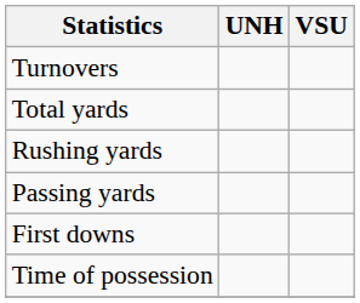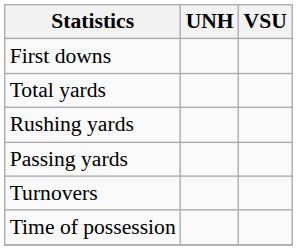 <table class="wikitable">
 <tr>
 <th>Statistics</th>
 <th>UNH</th>
 <th>VSU</th>
 </tr>
 <tr>
-<td>Turnovers</td>
+<td>First downs</td>
 <td></td>
 <td></td>
 </tr>
 <tr>
 <td>Total yards</td>
 <td></td>
 <td></td>
 </tr>
 <tr>
 <td>Rushing yards</td>
 <td></td>
 <td></td>
 </tr>
 <tr>
 <td>Passing yards</td>
 <td></td>
 <td></td>
 </tr>
 <tr>
-<td>First downs</td>
+<td>Turnovers</td>
 <td></td>
 <td></td>
 </tr>
 <tr>
 <td>Time of possession</td>
 <td></td>
 <td></td>
 </tr>
 <tr>
 </tr>
 </table>
